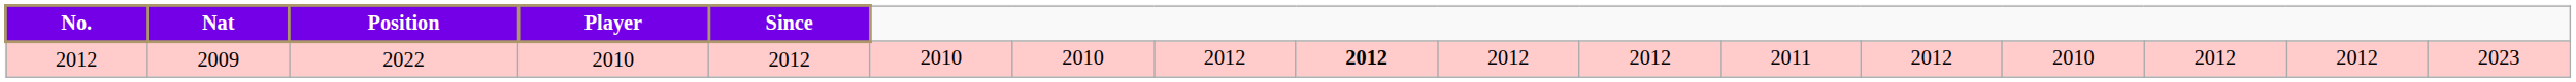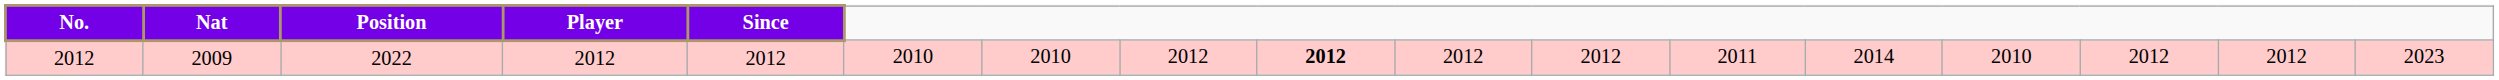 <table class="wikitable sortable" style="width:89%; text-align:center; font-size:90%; text-align:centre;">
 <tr>
 <th style="color:#FFFFFF; background: #7300E6; border:2px solid #AB9767;">No.</th>
 <th style="color:#FFFFFF; background: #7300E6; border:2px solid #AB9767;">Nat</th>
 <th style="color:#FFFFFF; background: #7300E6; border:2px solid #AB9767;">Position</th>
 <th style="color:#FFFFFF; background: #7300E6; border:2px solid #AB9767;">Player</th>
 <th style="color:#FFFFFF; background: #7300E6; border:2px solid #AB9767;">Since</th>
 </tr>
 <tr align="center" style="background:#FFCBCB">
 <td>2012<br></td>
 <td>2009<br></td>
 <td>2022<br></td>
-<td>2010<br></td>
+<td>2012<br></td>
 <td>2012<br></td>
 <td>2010<br></td>
 <td>2010<br></td>
 <td>2012<br></td>
 <td><strong>2012<br></strong></td>
 <td>2012<br></td>
 <td>2012<br></td>
 <td>2011<br></td>
-<td>2012<br></td>
+<td>2014<br></td>
 <td>2010<br></td>
 <td>2012<br></td>
 <td>2012<br></td>
 <td>2023</td>
 </tr>
 </table>
